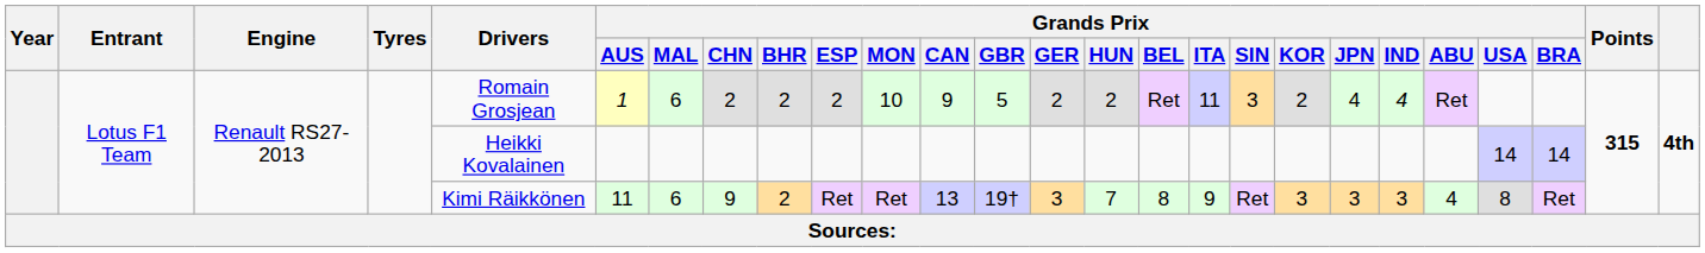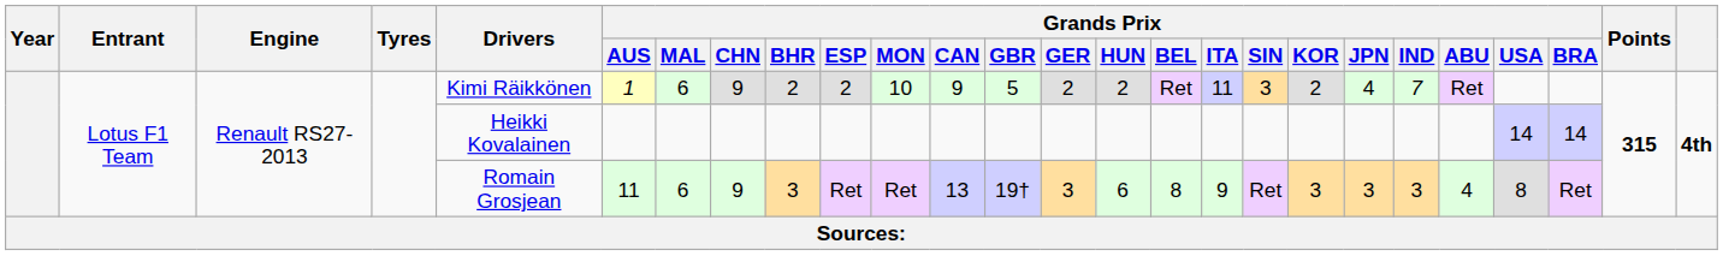 <table class="wikitable" style="text-align:center; font-size:95%">
 <tr>
 <th rowspan="2">Year</th>
 <th rowspan="2">Entrant</th>
 <th rowspan="2">Engine</th>
 <th rowspan="2">Tyres</th>
 <th rowspan="2">Drivers</th>
 <th colspan="19">Grands Prix</th>
 <th rowspan="2">Points</th>
 <th rowspan="2"></th>
 </tr>
 <tr>
 <th><a href='#'>AUS</a></th>
 <th><a href='#'>MAL</a></th>
 <th><a href='#'>CHN</a></th>
 <th><a href='#'>BHR</a></th>
 <th><a href='#'>ESP</a></th>
 <th><a href='#'>MON</a></th>
 <th><a href='#'>CAN</a></th>
 <th><a href='#'>GBR</a></th>
 <th><a href='#'>GER</a></th>
 <th><a href='#'>HUN</a></th>
 <th><a href='#'>BEL</a></th>
 <th><a href='#'>ITA</a></th>
 <th><a href='#'>SIN</a></th>
 <th><a href='#'>KOR</a></th>
 <th><a href='#'>JPN</a></th>
 <th><a href='#'>IND</a></th>
 <th><a href='#'>ABU</a></th>
 <th><a href='#'>USA</a></th>
 <th><a href='#'>BRA</a></th>
 </tr>
 <tr>
 <th rowspan=3></th>
 <td rowspan=3><a href='#'>Lotus F1 Team</a></td>
 <td rowspan=3><a href='#'>Renault</a> RS27-2013</td>
 <td rowspan=3></td>
-<td align="center"><a href='#'>Romain Grosjean</a></td>
+<td align="center"><a href='#'>Kimi Räikkönen</a></td>
 <td style="background:#ffffbf;"><em>1</em></td>
 <td style="background:#dfffdf;">6</td>
-<td style="background:#dfdfdf;">2</td>
+<td style="background:#dfdfdf;">9</td>
 <td style="background:#dfdfdf;">2</td>
 <td style="background:#dfdfdf;">2</td>
 <td style="background:#dfffdf;">10</td>
 <td style="background:#dfffdf;">9</td>
 <td style="background:#dfffdf;">5</td>
 <td style="background:#dfdfdf;">2</td>
 <td style="background:#dfdfdf;">2</td>
 <td style="background:#efcfff;">Ret</td>
 <td style="background:#cfcfff;">11</td>
 <td style="background:#ffdf9f;">3</td>
 <td style="background:#dfdfdf;">2</td>
 <td style="background:#dfffdf;">4</td>
-<td style="background:#dfffdf;"><em>4</em></td>
+<td style="background:#dfffdf;"><em>7</em></td>
 <td style="background:#efcfff;">Ret</td>
 <td></td>
 <td></td>
 <td rowspan="3"><strong>315</strong></td>
 <td rowspan="3"><strong>4th</strong></td>
 </tr>
 <tr>
 <td align="center"><a href='#'>Heikki Kovalainen</a></td>
 <td></td>
 <td></td>
 <td></td>
 <td></td>
 <td></td>
 <td></td>
 <td></td>
 <td></td>
 <td></td>
 <td></td>
 <td></td>
 <td></td>
 <td></td>
 <td></td>
 <td></td>
 <td></td>
 <td></td>
 <td style="background:#cfcfff;">14</td>
 <td style="background:#cfcfff;">14</td>
 </tr>
 <tr>
-<td align="center"><a href='#'>Kimi Räikkönen</a></td>
+<td align="center"><a href='#'>Romain Grosjean</a></td>
 <td style="background:#dfffdf;">11</td>
 <td style="background:#dfffdf;">6</td>
 <td style="background:#dfffdf;">9</td>
-<td style="background:#ffdf9f;">2</td>
+<td style="background:#ffdf9f;">3</td>
 <td style="background:#efcfff;">Ret</td>
 <td style="background:#efcfff;">Ret</td>
 <td style="background:#cfcfff;">13</td>
 <td style="background:#cfcfff;">19†</td>
 <td style="background:#ffdf9f;">3</td>
-<td style="background:#dfffdf;">7</td>
+<td style="background:#dfffdf;">6</td>
 <td style="background:#dfffdf;">8</td>
 <td style="background:#dfffdf;">9</td>
 <td style="background:#efcfff;">Ret</td>
 <td style="background:#ffdf9f;">3</td>
 <td style="background:#ffdf9f;">3</td>
 <td style="background:#ffdf9f;">3</td>
 <td style="background:#dfffdf;">4</td>
 <td style="background:#dfdfdf;">8</td>
 <td style="background:#efcfff;">Ret</td>
 </tr>
 <tr>
 <th colspan="27">Sources:</th>
 </tr>
 </table>
